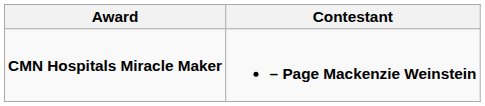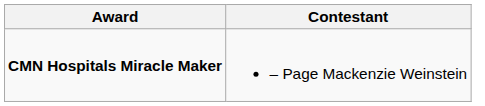 <table class="wikitable sortable" style="font-size: 95%;">
 <tr>
 <th>Award</th>
 <th>Contestant</th>
 </tr>
 <tr>
 <td><strong>CMN Hospitals Miracle Maker</strong></td>
-<td><strong><br><ul><li> – Page Mackenzie Weinstein</li></ul></strong></td>
+<td><br><ul><li> – Page Mackenzie Weinstein</li></ul></td>
 </tr>
 </table>
